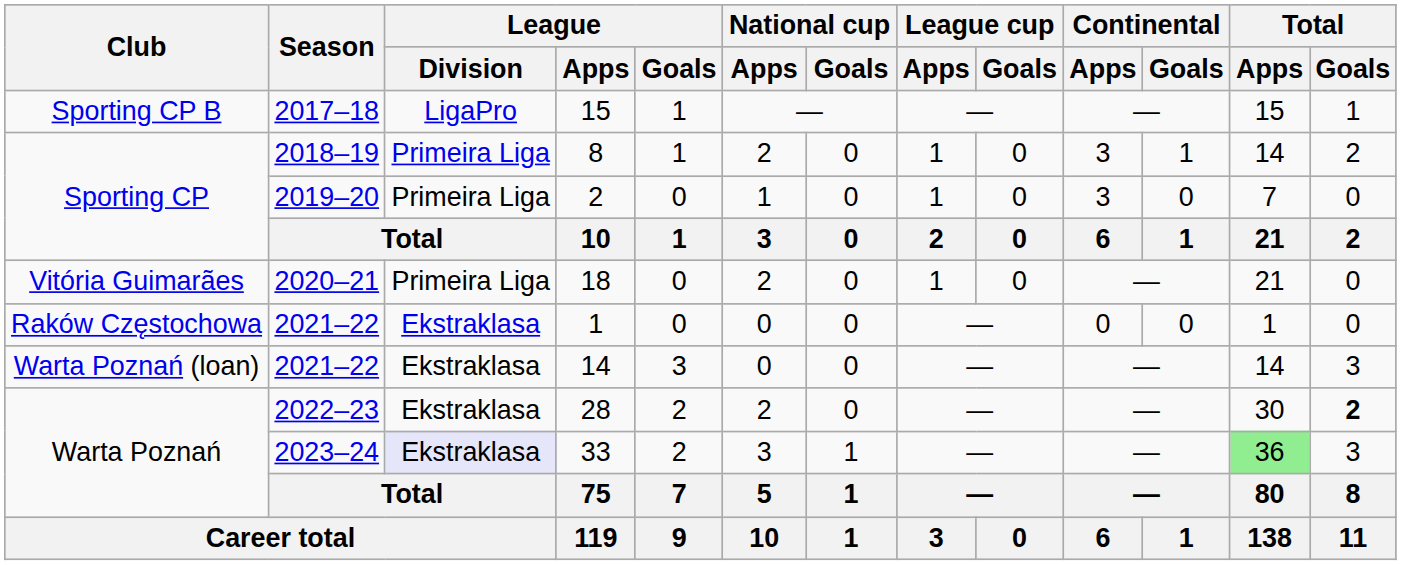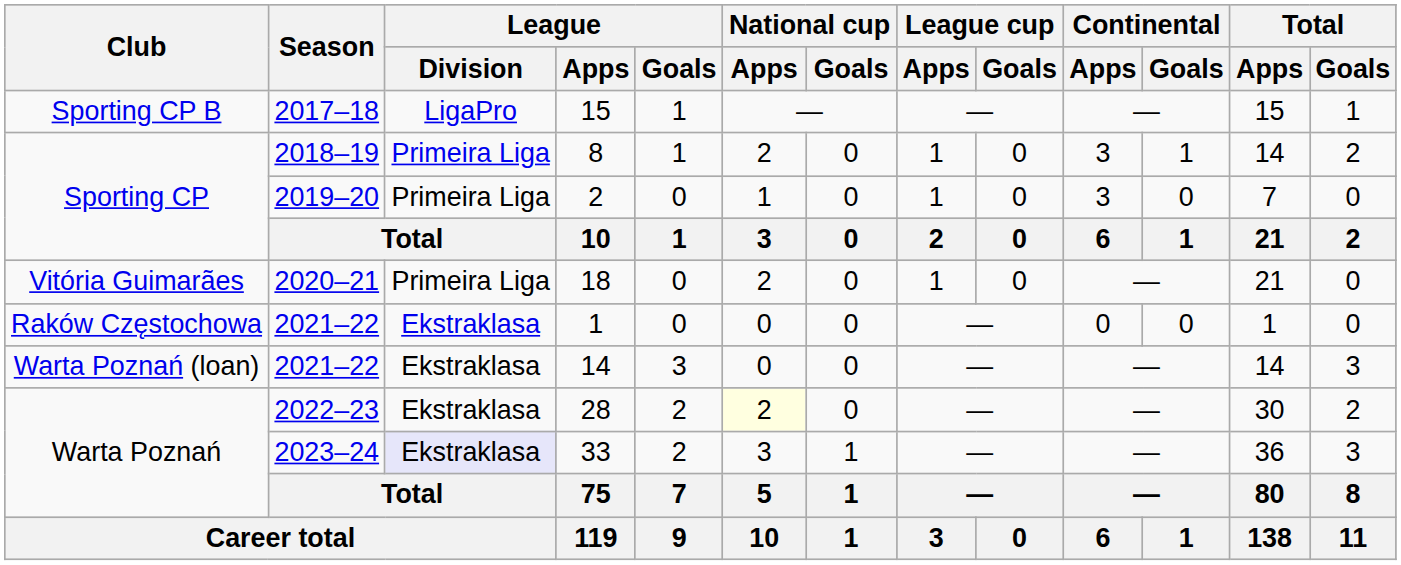 <table class="wikitable" style="text-align: center">
 <tr>
 <th rowspan="2">Club</th>
 <th rowspan="2">Season</th>
 <th colspan="3">League</th>
 <th colspan="2">National cup</th>
 <th colspan="2">League cup</th>
 <th colspan="2">Continental</th>
 <th colspan="2">Total</th>
 </tr>
 <tr>
 <th>Division</th>
 <th>Apps</th>
 <th>Goals</th>
 <th>Apps</th>
 <th>Goals</th>
 <th>Apps</th>
 <th>Goals</th>
 <th>Apps</th>
 <th>Goals</th>
 <th>Apps</th>
 <th>Goals</th>
 </tr>
 <tr>
 <td><a href='#'>Sporting CP B</a></td>
 <td><a href='#'>2017–18</a></td>
 <td><a href='#'>LigaPro</a></td>
 <td>15</td>
 <td>1</td>
 <td colspan="2">—</td>
 <td colspan="2">—</td>
 <td colspan="2">—</td>
 <td>15</td>
 <td>1</td>
 </tr>
 <tr>
 <td rowspan="3"><a href='#'>Sporting CP</a></td>
 <td><a href='#'>2018–19</a></td>
 <td><a href='#'>Primeira Liga</a></td>
 <td>8</td>
 <td>1</td>
 <td>2</td>
 <td>0</td>
 <td>1</td>
 <td>0</td>
 <td>3</td>
 <td>1</td>
 <td>14</td>
 <td>2</td>
 </tr>
 <tr>
 <td><a href='#'>2019–20</a></td>
 <td>Primeira Liga</td>
 <td>2</td>
 <td>0</td>
 <td>1</td>
 <td>0</td>
 <td>1</td>
 <td>0</td>
 <td>3</td>
 <td>0</td>
 <td>7</td>
 <td>0</td>
 </tr>
 <tr>
 <th colspan="2">Total</th>
 <th>10</th>
 <th>1</th>
 <th>3</th>
 <th>0</th>
 <th>2</th>
 <th>0</th>
 <th>6</th>
 <th>1</th>
 <th>21</th>
 <th>2</th>
 </tr>
 <tr>
 <td><a href='#'>Vitória Guimarães</a></td>
 <td><a href='#'>2020–21</a></td>
 <td>Primeira Liga</td>
 <td>18</td>
 <td>0</td>
 <td>2</td>
 <td>0</td>
 <td>1</td>
 <td>0</td>
 <td colspan="2">—</td>
 <td>21</td>
 <td>0</td>
 </tr>
 <tr>
 <td><a href='#'>Raków Częstochowa</a></td>
 <td><a href='#'>2021–22</a></td>
 <td><a href='#'>Ekstraklasa</a></td>
 <td>1</td>
 <td>0</td>
 <td>0</td>
 <td>0</td>
 <td colspan="2">—</td>
 <td>0</td>
 <td>0</td>
 <td>1</td>
 <td>0</td>
 </tr>
 <tr>
 <td><a href='#'>Warta Poznań</a> (loan)</td>
 <td><a href='#'>2021–22</a></td>
 <td>Ekstraklasa</td>
 <td>14</td>
 <td>3</td>
 <td>0</td>
 <td>0</td>
 <td colspan="2">—</td>
 <td colspan="2">—</td>
 <td>14</td>
 <td>3</td>
 </tr>
 <tr>
 <td rowspan="3">Warta Poznań</td>
 <td><a href='#'>2022–23</a></td>
 <td>Ekstraklasa</td>
 <td>28</td>
 <td>2</td>
-<td>2</td>
+<td style="background: lightyellow;">2</td>
 <td>0</td>
 <td colspan="2">—</td>
 <td colspan="2">—</td>
 <td>30</td>
-<td><strong>2</strong></td>
+<td>2</td>
 </tr>
 <tr>
 <td><a href='#'>2023–24</a></td>
 <td style="background: lavender;">Ekstraklasa</td>
 <td>33</td>
 <td>2</td>
 <td>3</td>
 <td>1</td>
 <td colspan="2">—</td>
 <td colspan="2">—</td>
-<td style="background: lightgreen;">36</td>
+<td>36</td>
 <td>3</td>
 </tr>
 <tr>
 <th colspan="2">Total</th>
 <th>75</th>
 <th>7</th>
 <th>5</th>
 <th>1</th>
 <th colspan="2">—</th>
 <th colspan="2">—</th>
 <th>80</th>
 <th>8</th>
 </tr>
 <tr>
 <th colspan="3">Career total</th>
 <th>119</th>
 <th>9</th>
 <th>10</th>
 <th>1</th>
 <th>3</th>
 <th>0</th>
 <th>6</th>
 <th>1</th>
 <th>138</th>
 <th>11</th>
 </tr>
 </table>
